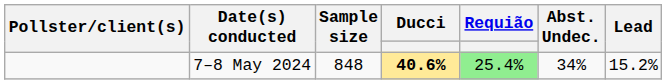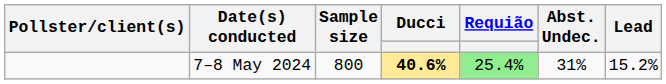 <table class="wikitable" style="text-align:center;font-size:90%;line-height:14px;">
 <tr>
 <th rowspan="2">Pollster/client(s)</th>
 <th rowspan="2">Date(s)<br>conducted</th>
 <th rowspan="2">Sample<br>size</th>
 <th class="unsortable" style="width:50px;">Ducci<br></th>
 <th class="unsortable" style="width:50px;"><a href='#'>Requião</a><br></th>
 <th rowspan="2">Abst.<br>Undec.</th>
 <th rowspan="2">Lead</th>
 </tr>
 <tr>
 <th data-sort-type="number" class="sortable" style="background:"></th>
 <th data-sort-type="number" class="sortable" style="background:"></th>
 </tr>
 <tr>
 <td></td>
 <td>7–8 May 2024</td>
-<td>848</td>
+<td>800</td>
 <td style="background:#ffea98;"><strong>40.6%</strong></td>
 <td style="background: lightgreen;">25.4%</td>
-<td>34%</td>
+<td>31%</td>
 <td style="background:">15.2%</td>
 </tr>
 </table>
